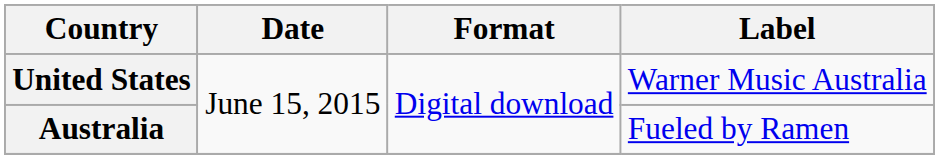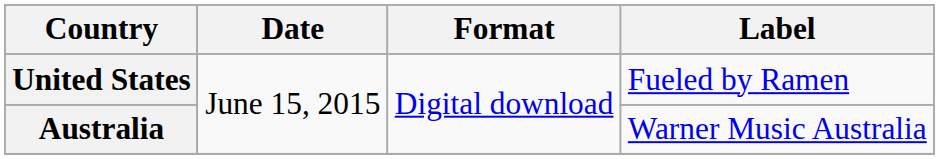 <table class="wikitable plainrowheaders">
 <tr>
 <th scope="col">Country</th>
 <th scope="col">Date</th>
 <th scope="col">Format</th>
 <th scope="col">Label</th>
 </tr>
 <tr>
 <th scope="row">United States</th>
 <td rowspan="2">June 15, 2015</td>
 <td rowspan="2"><a href='#'>Digital download</a></td>
-<td><a href='#'>Warner Music Australia</a></td>
+<td><a href='#'>Fueled by Ramen</a></td>
 </tr>
 <tr>
 <th scope="row">Australia</th>
-<td><a href='#'>Fueled by Ramen</a></td>
+<td><a href='#'>Warner Music Australia</a></td>
 </tr>
 <tr>
 </tr>
 </table>
